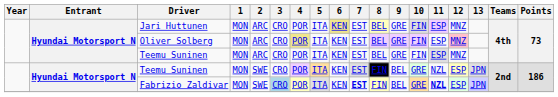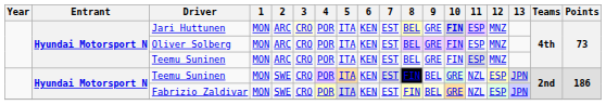 <table class="wikitable" style="text-align:center; font-size:90%">
 <tr>
 <th>Year</th>
 <th>Entrant</th>
 <th>Driver</th>
 <th>1</th>
 <th>2</th>
 <th>3</th>
 <th>4</th>
 <th>5</th>
 <th>6</th>
 <th>7</th>
 <th>8</th>
 <th>9</th>
 <th>10</th>
 <th>11</th>
 <th>12</th>
 <th>13</th>
 <th>Teams</th>
 <th>Points</th>
 </tr>
 <tr>
 <td rowspan="3"></td>
 <th rowspan="3"><a href='#'>Hyundai Motorsport N</a></th>
 <td align="left"> <a href='#'>Jari Huttunen</a></td>
 <td><a href='#'>MON</a></td>
 <td><a href='#'>ARC</a></td>
-<td><a href='#'>CRO</a></td>
+<td style="background: lightyellow;"><a href='#'>CRO</a></td>
 <td><a href='#'>POR</a></td>
 <td><a href='#'>ITA</a></td>
-<td style="background: khaki;"><a href='#'>KEN</a></td>
+<td><a href='#'>KEN</a></td>
 <td><a href='#'>EST</a></td>
 <td style="background:#FFFFBF"><a href='#'>BEL</a><br></td>
 <td><a href='#'>GRE</a></td>
-<td style="background:#DFDFDF"><a href='#'>FIN</a><br> </td>
+<td style="background:#DFDFDF"><strong><a href='#'>FIN</a><br> </strong></td>
 <td style="background:#EFCFFF"><a href='#'>ESP</a><br></td>
 <td><a href='#'>MNZ</a></td>
 <td></td>
 <th rowspan="3">4th</th>
 <th rowspan="3">73</th>
 </tr>
 <tr>
 <td align="left"> <a href='#'>Oliver Solberg</a></td>
 <td><a href='#'>MON</a></td>
 <td><a href='#'>ARC</a></td>
 <td><a href='#'>CRO</a></td>
-<td style="background: khaki;"><a href='#'>POR</a></td>
+<td><a href='#'>POR</a></td>
 <td><a href='#'>ITA</a></td>
 <td><a href='#'>KEN</a></td>
 <td><a href='#'>EST</a></td>
 <td style="background:#EFCFFF"><a href='#'>BEL</a><br></td>
 <td style="background:#EFCFFF"><a href='#'>GRE</a><br></td>
 <td style="background:#EFCFFF"><a href='#'>FIN</a><br></td>
 <td><a href='#'>ESP</a></td>
-<td style="background: pink;"><a href='#'>MNZ</a></td>
+<td><a href='#'>MNZ</a></td>
 <td></td>
 </tr>
 <tr>
 <td align="left"> <a href='#'>Teemu Suninen</a></td>
 <td><a href='#'>MON</a></td>
 <td><a href='#'>ARC</a></td>
 <td><a href='#'>CRO</a></td>
 <td><a href='#'>POR</a></td>
 <td><a href='#'>ITA</a></td>
 <td><a href='#'>KEN</a></td>
 <td><a href='#'>EST</a></td>
 <td><a href='#'>BEL</a></td>
 <td><a href='#'>GRE</a></td>
 <td><a href='#'>FIN</a></td>
 <td style="background:#DFDFDF"><a href='#'>ESP</a><br></td>
 <td><a href='#'>MNZ</a></td>
 <td></td>
 </tr>
 <tr>
 <td rowspan="2"></td>
 <th rowspan="2"><a href='#'>Hyundai Motorsport N</a></th>
 <td align="left"> <a href='#'>Teemu Suninen</a></td>
 <td><a href='#'>MON</a></td>
 <td><a href='#'>SWE</a></td>
 <td><a href='#'>CRO</a></td>
 <td style="background:#EFCFFF"><a href='#'>POR</a><br></td>
 <td style="background:#FFDF9F;"><a href='#'>ITA</a><br></td>
 <td><a href='#'>KEN</a></td>
 <td style="background:#DFDFDF"><a href='#'>EST</a><br></td>
 <td style="background:#000;color:#fff"><a href='#'><span>FIN</span></a><br></td>
 <td><a href='#'>BEL</a></td>
 <td style="background:#DFFFDF;"><a href='#'>GRE</a><br></td>
 <td><a href='#'>NZL</a></td>
 <td style="background:#FFFFBF"><a href='#'>ESP</a><br></td>
 <td style="background:#DFDFDF"><a href='#'>JPN</a><br></td>
 <th rowspan="2" style="background:#DFDFDF">2nd</th>
 <th rowspan="2" style="background:#DFDFDF">186</th>
 </tr>
 <tr>
 <td align="left"> <a href='#'>Fabrizio Zaldivar</a></td>
 <td><a href='#'>MON</a></td>
 <td><a href='#'>SWE</a></td>
-<td style="background: lightblue;"><a href='#'>CRO</a></td>
+<td><a href='#'>CRO</a></td>
 <td style="background:#FFFFBF"><a href='#'>POR</a><br></td>
 <td style="background:#DFDFDF"><a href='#'>ITA</a><br></td>
 <td><a href='#'>KEN</a></td>
-<td><strong><a href='#'>EST</a><br></strong></td>
+<td><a href='#'>EST</a><br></td>
 <td style="background:#FFFFBF"><a href='#'>FIN</a><br></td>
-<td><a href='#'>BEL</a></td>
+<td style="background: lightyellow;"><a href='#'>BEL</a></td>
 <td style="background:#FFDF9F;"><a href='#'>GRE</a><br></td>
-<td><strong><a href='#'>NZL</a></strong></td>
+<td><a href='#'>NZL</a></td>
 <td style="background:#DFFFDF;"><a href='#'>ESP</a><br></td>
 <td style="background:#cfcfff;"><a href='#'>JPN</a><br></td>
 </tr>
 <tr>
 </tr>
 </table>
